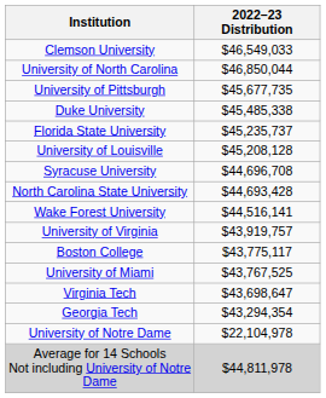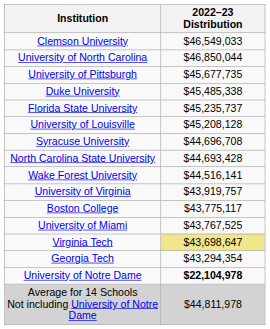 <table class="wikitable sortable" style="text-align: center">
 <tr>
 <th style="width:230px;">Institution</th>
 <th style="width:150px;">2022–23 Distribution</th>
 </tr>
 <tr>
 <td><a href='#'>Clemson University</a></td>
 <td>$46,549,033</td>
 </tr>
 <tr>
 <td><a href='#'>University of North Carolina</a></td>
 <td>$46,850,044</td>
 </tr>
 <tr>
 <td><a href='#'>University of Pittsburgh</a></td>
 <td>$45,677,735</td>
 </tr>
 <tr>
 <td><a href='#'>Duke University</a></td>
 <td>$45,485,338</td>
 </tr>
 <tr>
 <td><a href='#'>Florida State University</a></td>
 <td>$45,235,737</td>
 </tr>
 <tr>
 <td><a href='#'>University of Louisville</a></td>
 <td>$45,208,128</td>
 </tr>
 <tr>
 <td><a href='#'>Syracuse University</a></td>
 <td>$44,696,708</td>
 </tr>
 <tr>
 <td><a href='#'>North Carolina State University</a></td>
 <td>$44,693,428</td>
 </tr>
 <tr>
 <td><a href='#'>Wake Forest University</a></td>
 <td>$44,516,141</td>
 </tr>
 <tr>
 <td><a href='#'>University of Virginia</a></td>
 <td>$43,919,757</td>
 </tr>
 <tr>
 <td><a href='#'>Boston College</a></td>
 <td>$43,775,117</td>
 </tr>
 <tr>
 <td><a href='#'>University of Miami</a></td>
 <td>$43,767,525</td>
 </tr>
 <tr>
 <td><a href='#'>Virginia Tech</a></td>
-<td>$43,698,647</td>
+<td style="background: khaki;">$43,698,647</td>
 </tr>
 <tr>
 <td><a href='#'>Georgia Tech</a></td>
 <td>$43,294,354</td>
 </tr>
 <tr>
 <td><a href='#'>University of Notre Dame</a></td>
-<td>$22,104,978</td>
+<td><strong>$22,104,978</strong></td>
 </tr>
 <tr class=sortbottom| bgcolor="lightgrey">
 <td>Average for 14 Schools<br>Not including <a href='#'>University of Notre Dame</a></td>
 <td>$44,811,978</td>
 </tr>
 </table>
